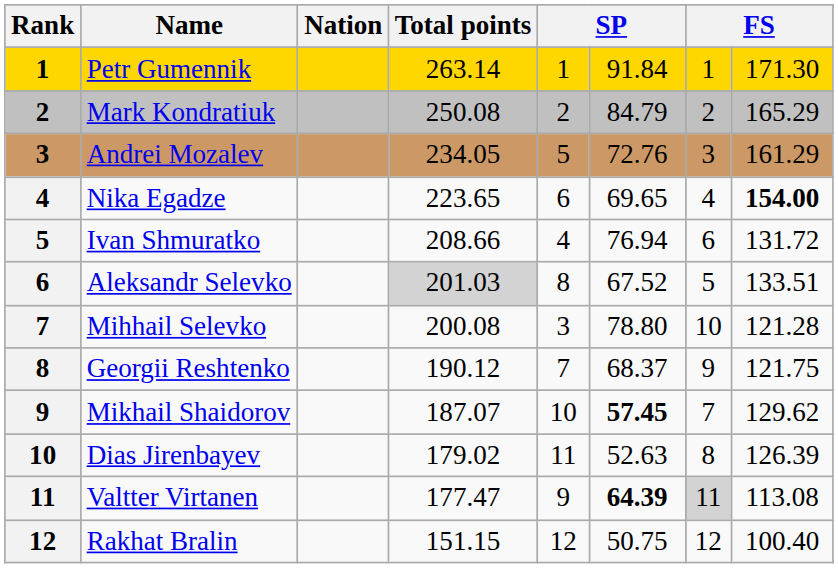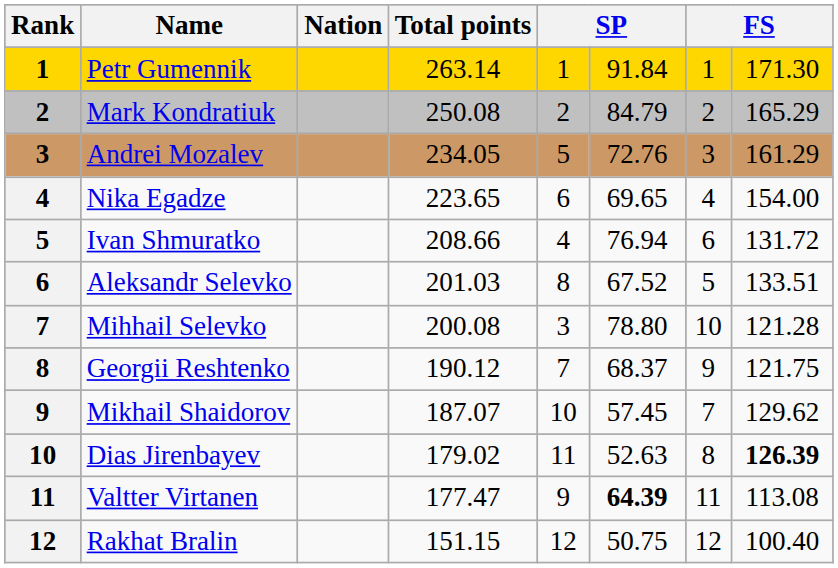 <table class="wikitable sortable">
 <tr>
 <th>Rank</th>
 <th>Name</th>
 <th>Nation</th>
 <th>Total points</th>
 <th colspan="2" width="80px"><a href='#'>SP</a></th>
 <th colspan="2" width="80px"><a href='#'>FS</a></th>
 </tr>
 <tr bgcolor="gold">
 <td align="center"><strong>1</strong></td>
 <td><a href='#'>Petr Gumennik</a></td>
 <td></td>
 <td align="center">263.14</td>
 <td align="center">1</td>
 <td align="center">91.84</td>
 <td align="center">1</td>
 <td align="center">171.30</td>
 </tr>
 <tr bgcolor="silver">
 <td align="center"><strong>2</strong></td>
 <td><a href='#'>Mark Kondratiuk</a></td>
 <td></td>
 <td align="center">250.08</td>
 <td align="center">2</td>
 <td align="center">84.79</td>
 <td align="center">2</td>
 <td align="center">165.29</td>
 </tr>
 <tr bgcolor="cc9966">
 <td align="center"><strong>3</strong></td>
 <td><a href='#'>Andrei Mozalev</a></td>
 <td></td>
 <td align="center">234.05</td>
 <td align="center">5</td>
 <td align="center">72.76</td>
 <td align="center">3</td>
 <td align="center">161.29</td>
 </tr>
 <tr>
 <th>4</th>
 <td><a href='#'>Nika Egadze</a></td>
 <td></td>
 <td align="center">223.65</td>
 <td align="center">6</td>
 <td align="center">69.65</td>
 <td align="center">4</td>
-<td align="center"><strong>154.00</strong></td>
+<td align="center">154.00</td>
 </tr>
 <tr>
 <th>5</th>
 <td><a href='#'>Ivan Shmuratko</a></td>
 <td></td>
 <td align="center">208.66</td>
 <td align="center">4</td>
 <td align="center">76.94</td>
 <td align="center">6</td>
 <td align="center">131.72</td>
 </tr>
 <tr>
 <th>6</th>
 <td><a href='#'>Aleksandr Selevko</a></td>
 <td></td>
-<td align="center" style="background: lightgrey;">201.03</td>
+<td align="center">201.03</td>
 <td align="center">8</td>
 <td align="center">67.52</td>
 <td align="center">5</td>
 <td align="center">133.51</td>
 </tr>
 <tr>
 <th>7</th>
 <td><a href='#'>Mihhail Selevko</a></td>
 <td></td>
 <td align="center">200.08</td>
 <td align="center">3</td>
 <td align="center">78.80</td>
 <td align="center">10</td>
 <td align="center">121.28</td>
 </tr>
 <tr>
 <th>8</th>
 <td><a href='#'>Georgii Reshtenko</a></td>
 <td></td>
 <td align="center">190.12</td>
 <td align="center">7</td>
 <td align="center">68.37</td>
 <td align="center">9</td>
 <td align="center">121.75</td>
 </tr>
 <tr>
 <th>9</th>
 <td><a href='#'>Mikhail Shaidorov</a></td>
 <td></td>
 <td align="center">187.07</td>
 <td align="center">10</td>
-<td align="center"><strong>57.45</strong></td>
+<td align="center">57.45</td>
 <td align="center">7</td>
 <td align="center">129.62</td>
 </tr>
 <tr>
 <th>10</th>
 <td><a href='#'>Dias Jirenbayev</a></td>
 <td></td>
 <td align="center">179.02</td>
 <td align="center">11</td>
 <td align="center">52.63</td>
 <td align="center">8</td>
-<td align="center">126.39</td>
+<td align="center"><strong>126.39</strong></td>
 </tr>
 <tr>
 <th>11</th>
 <td><a href='#'>Valtter Virtanen</a></td>
 <td></td>
 <td align="center">177.47</td>
 <td align="center">9</td>
 <td align="center"><strong>64.39</strong></td>
-<td align="center" style="background: lightgrey;">11</td>
+<td align="center">11</td>
 <td align="center">113.08</td>
 </tr>
 <tr>
 <th>12</th>
 <td><a href='#'>Rakhat Bralin</a></td>
 <td></td>
 <td align="center">151.15</td>
 <td align="center">12</td>
 <td align="center">50.75</td>
 <td align="center">12</td>
 <td align="center">100.40</td>
 </tr>
 </table>
